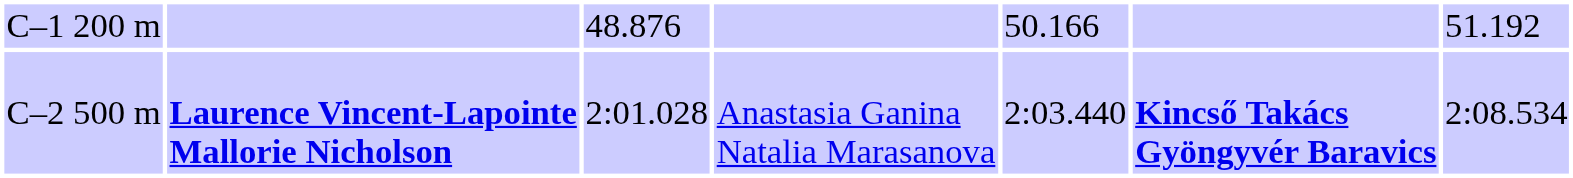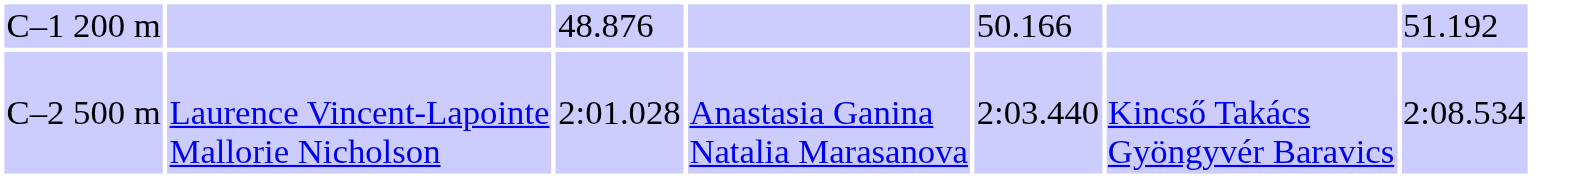 <table>
 <tr bgcolor=ccccff>
 <td>C–1 200 m</td>
 <td></td>
 <td>48.876</td>
 <td></td>
 <td>50.166</td>
 <td></td>
 <td>51.192</td>
 </tr>
 <tr bgcolor=ccccff>
 <td>C–2 500 m</td>
-<td><strong><br><a href='#'>Laurence Vincent-Lapointe</a><br><a href='#'>Mallorie Nicholson</a></strong></td>
+<td><br><a href='#'>Laurence Vincent-Lapointe</a><br><a href='#'>Mallorie Nicholson</a></td>
 <td>2:01.028</td>
 <td><br><a href='#'>Anastasia Ganina</a><br><a href='#'>Natalia Marasanova</a></td>
 <td>2:03.440</td>
-<td><strong><br><a href='#'>Kincső Takács</a><br><a href='#'>Gyöngyvér Baravics</a></strong></td>
+<td><br><a href='#'>Kincső Takács</a><br><a href='#'>Gyöngyvér Baravics</a></td>
 <td>2:08.534</td>
 </tr>
 </table>
